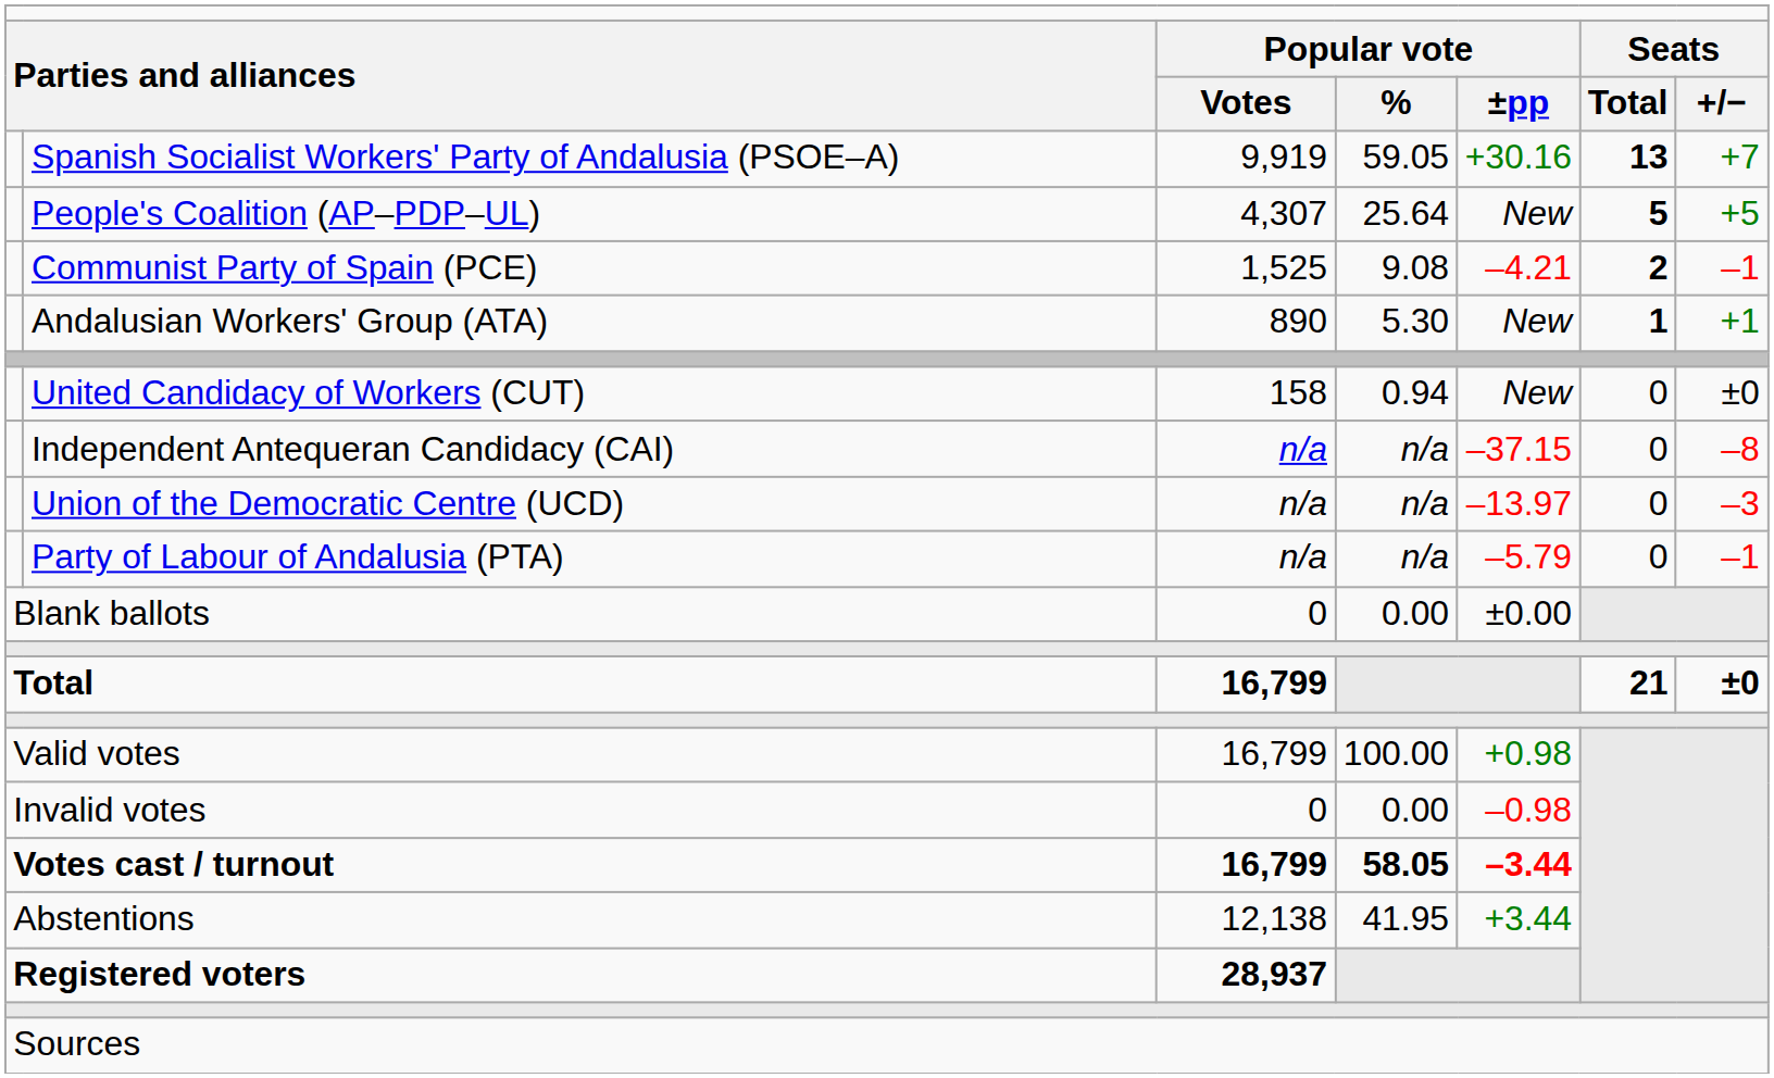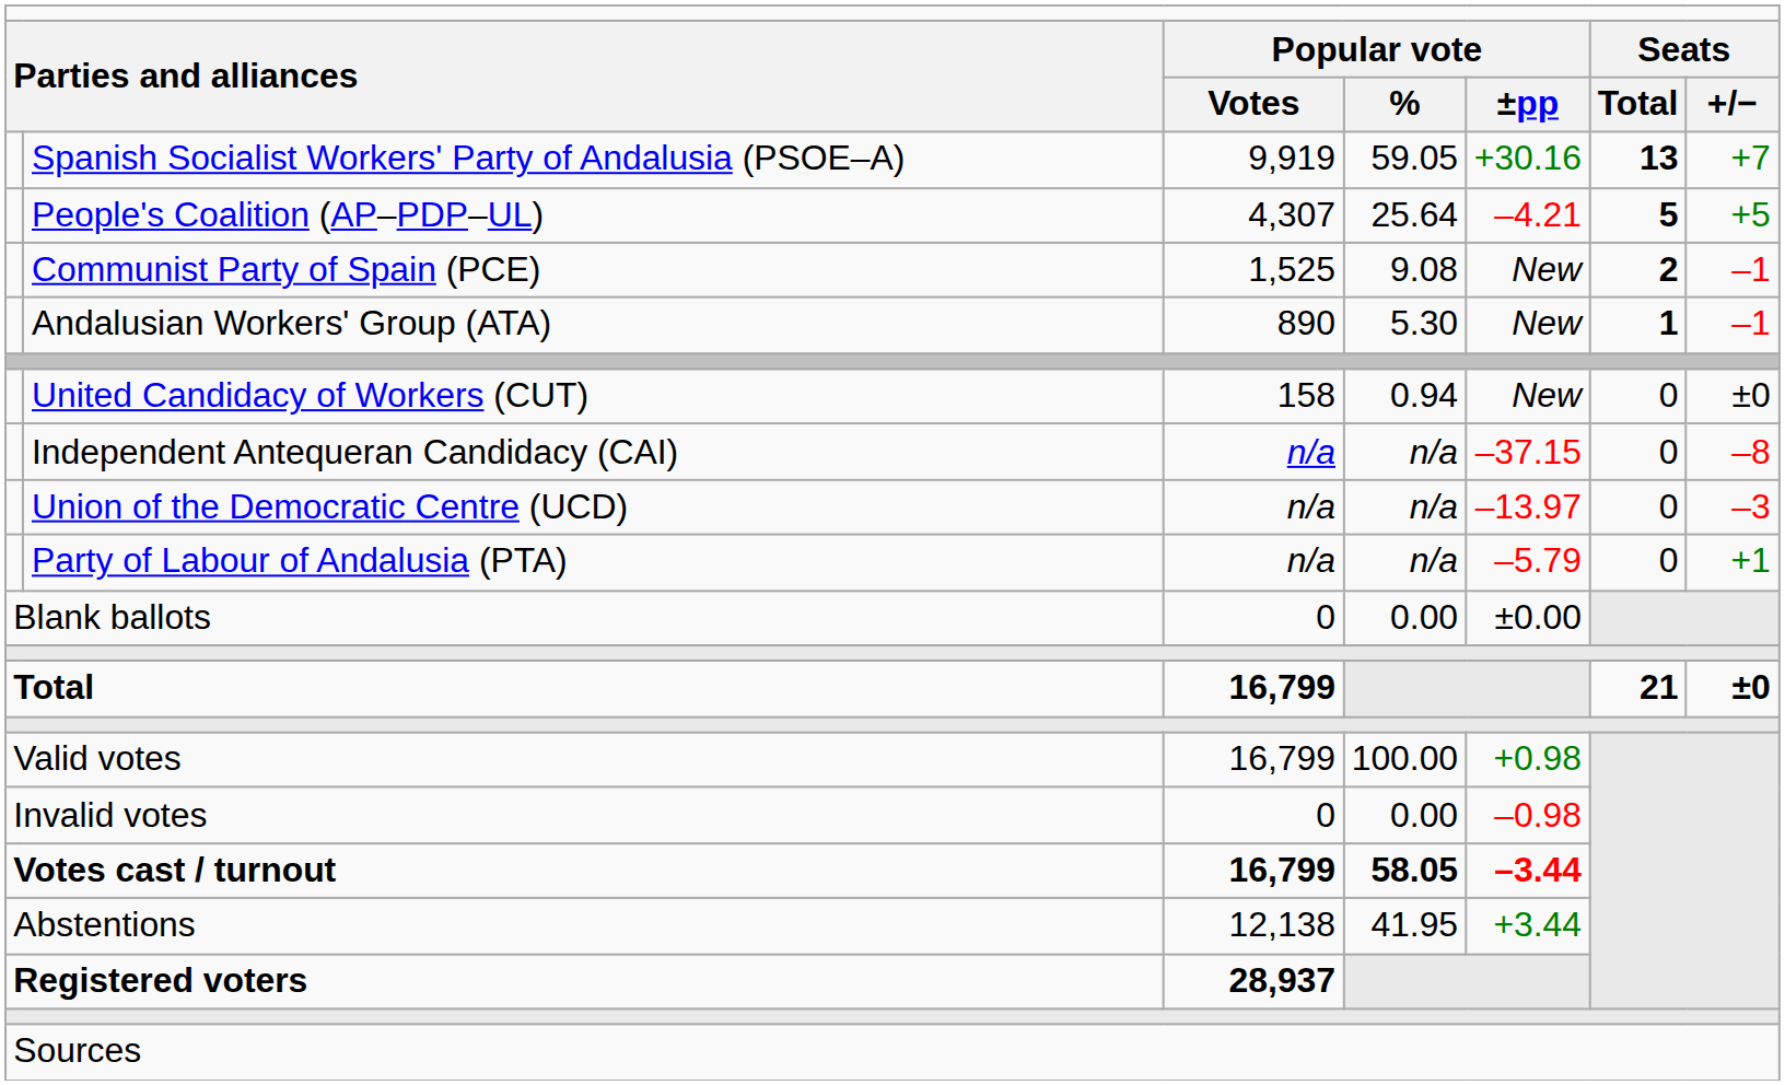 <table class="wikitable" style="text-align:right;">
 <tr>
 <td colspan="7"></td>
 </tr>
 <tr>
 <th style="text-align:left;" rowspan="2" colspan="2" width="525">Parties and alliances</th>
 <th colspan="3">Popular vote</th>
 <th colspan="2">Seats</th>
 </tr>
 <tr>
 <th width="75">Votes</th>
 <th width="45">%</th>
 <th width="45">±<a href='#'>pp</a></th>
 <th width="35">Total</th>
 <th width="35">+/−</th>
 </tr>
 <tr>
 <td width="1" style="color:inherit;background:"></td>
 <td align="left"><a href='#'>Spanish Socialist Workers' Party of Andalusia</a> (PSOE–A)</td>
 <td>9,919</td>
 <td>59.05</td>
 <td style="color:green;">+30.16</td>
 <td><strong>13</strong></td>
 <td style="color:green;">+7</td>
 </tr>
 <tr>
 <td style="color:inherit;background:"></td>
 <td align="left"><a href='#'>People's Coalition</a> (<a href='#'>AP</a>–<a href='#'>PDP</a>–<a href='#'>UL</a>)</td>
 <td>4,307</td>
 <td>25.64</td>
-<td><em>New</em></td>
+<td style="color:red;">–4.21</td>
 <td><strong>5</strong></td>
 <td style="color:green;">+5</td>
 </tr>
 <tr>
 <td style="color:inherit;background:"></td>
 <td align="left"><a href='#'>Communist Party of Spain</a> (PCE)</td>
 <td>1,525</td>
 <td>9.08</td>
-<td style="color:red;">–4.21</td>
+<td><em>New</em></td>
 <td><strong>2</strong></td>
 <td style="color:red;">–1</td>
 </tr>
 <tr>
 <td style="color:inherit;background:"></td>
 <td align="left">Andalusian Workers' Group (ATA)</td>
 <td>890</td>
 <td>5.30</td>
 <td><em>New</em></td>
 <td><strong>1</strong></td>
-<td style="color:green;">+1</td>
+<td style="color:red;">–1</td>
 </tr>
 <tr>
 <td colspan="7" bgcolor="#C0C0C0"></td>
 </tr>
 <tr>
 <td style="color:inherit;background:"></td>
 <td align="left"><a href='#'>United Candidacy of Workers</a> (CUT)</td>
 <td>158</td>
 <td>0.94</td>
 <td><em>New</em></td>
 <td>0</td>
 <td>±0</td>
 </tr>
 <tr>
 <td style="color:inherit;background:"></td>
 <td align="left">Independent Antequeran Candidacy (CAI)</td>
 <td><em><a href='#'>n/a</a></em></td>
 <td><em>n/a</em></td>
 <td style="color:red;">–37.15</td>
 <td>0</td>
 <td style="color:red;">–8</td>
 </tr>
 <tr>
 <td style="color:inherit;background:"></td>
 <td align="left"><a href='#'>Union of the Democratic Centre</a> (UCD)</td>
 <td><em>n/a</em></td>
 <td><em>n/a</em></td>
 <td style="color:red;">–13.97</td>
 <td>0</td>
 <td style="color:red;">–3</td>
 </tr>
 <tr>
 <td style="color:inherit;background:"></td>
 <td align="left"><a href='#'>Party of Labour of Andalusia</a> (PTA)</td>
 <td><em>n/a</em></td>
 <td><em>n/a</em></td>
 <td style="color:red;">–5.79</td>
 <td>0</td>
-<td style="color:red;">–1</td>
+<td style="color:green;">+1</td>
 </tr>
 <tr>
 <td align="left" colspan="2">Blank ballots</td>
 <td>0</td>
 <td>0.00</td>
 <td>±0.00</td>
 <td bgcolor="#E9E9E9" colspan="2"></td>
 </tr>
 <tr>
 <td colspan="7" bgcolor="#E9E9E9"></td>
 </tr>
 <tr style="font-weight:bold;">
 <td align="left" colspan="2">Total</td>
 <td>16,799</td>
 <td bgcolor="#E9E9E9" colspan="2"></td>
 <td>21</td>
 <td>±0</td>
 </tr>
 <tr>
 <td colspan="7" bgcolor="#E9E9E9"></td>
 </tr>
 <tr>
 <td align="left" colspan="2">Valid votes</td>
 <td>16,799</td>
 <td>100.00</td>
 <td style="color:green;">+0.98</td>
 <td bgcolor="#E9E9E9" colspan="2" rowspan="5"></td>
 </tr>
 <tr>
 <td align="left" colspan="2">Invalid votes</td>
 <td>0</td>
 <td>0.00</td>
 <td style="color:red;">–0.98</td>
 </tr>
 <tr style="font-weight:bold;">
 <td align="left" colspan="2">Votes cast / turnout</td>
 <td>16,799</td>
 <td>58.05</td>
 <td style="color:red;">–3.44</td>
 </tr>
 <tr>
 <td align="left" colspan="2">Abstentions</td>
 <td>12,138</td>
 <td>41.95</td>
 <td style="color:green;">+3.44</td>
 </tr>
 <tr style="font-weight:bold;">
 <td align="left" colspan="2">Registered voters</td>
 <td>28,937</td>
 <td bgcolor="#E9E9E9" colspan="2"></td>
 </tr>
 <tr>
 <td colspan="7" bgcolor="#E9E9E9"></td>
 </tr>
 <tr>
 <td align="left" colspan="7">Sources</td>
 </tr>
 </table>
